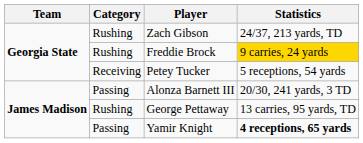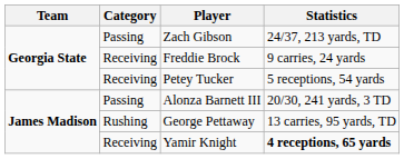 <table class="wikitable" style="float: right;">
 <tr>
 <th>Team</th>
 <th>Category</th>
 <th>Player</th>
 <th>Statistics</th>
 </tr>
 <tr>
 <td rowspan=3><strong>Georgia State</strong></td>
-<td>Rushing</td>
+<td>Passing</td>
 <td>Zach Gibson</td>
 <td>24/37, 213 yards, TD</td>
 </tr>
 <tr>
-<td>Rushing</td>
+<td>Receiving</td>
 <td>Freddie Brock</td>
-<td style="background: gold;">9 carries, 24 yards</td>
+<td>9 carries, 24 yards</td>
 </tr>
 <tr>
 <td>Receiving</td>
 <td>Petey Tucker</td>
 <td>5 receptions, 54 yards</td>
 </tr>
 <tr>
 <td rowspan=3><strong>James Madison</strong></td>
 <td>Passing</td>
 <td>Alonza Barnett III</td>
 <td>20/30, 241 yards, 3 TD</td>
 </tr>
 <tr>
 <td>Rushing</td>
 <td>George Pettaway</td>
 <td>13 carries, 95 yards, TD</td>
 </tr>
 <tr>
-<td>Passing</td>
+<td>Receiving</td>
 <td>Yamir Knight</td>
 <td><strong>4 receptions, 65 yards</strong></td>
 </tr>
 </table>
